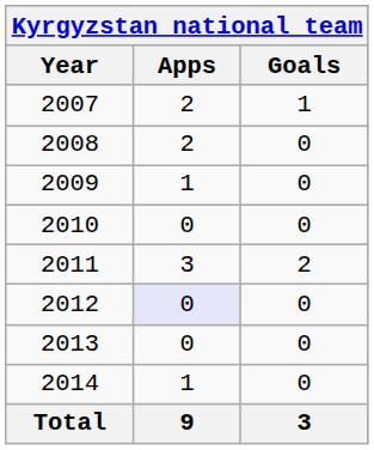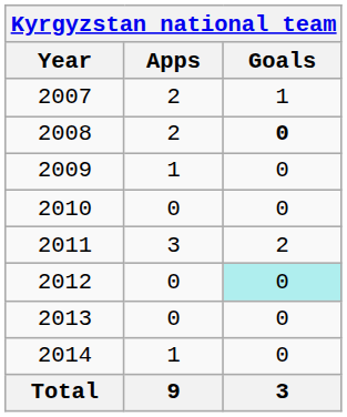 <table class="wikitable" style="text-align:center">
 <tr>
 <th colspan=3><a href='#'>Kyrgyzstan national team</a></th>
 </tr>
 <tr>
 <th>Year</th>
 <th>Apps</th>
 <th>Goals</th>
 </tr>
 <tr>
 <td>2007</td>
 <td>2</td>
 <td>1</td>
 </tr>
 <tr>
 <td>2008</td>
 <td>2</td>
-<td>0</td>
+<td><strong>0</strong></td>
 </tr>
 <tr>
 <td>2009</td>
 <td>1</td>
 <td>0</td>
 </tr>
 <tr>
 <td>2010</td>
 <td>0</td>
 <td>0</td>
 </tr>
 <tr>
 <td>2011</td>
 <td>3</td>
 <td>2</td>
 </tr>
 <tr>
 <td>2012</td>
-<td style="background: lavender;">0</td>
 <td>0</td>
+<td style="background: paleturquoise;">0</td>
 </tr>
 <tr>
 <td>2013</td>
 <td>0</td>
 <td>0</td>
 </tr>
 <tr>
 <td>2014</td>
 <td>1</td>
 <td>0</td>
 </tr>
 <tr>
 <th>Total</th>
 <th>9</th>
 <th>3</th>
 </tr>
 </table>
